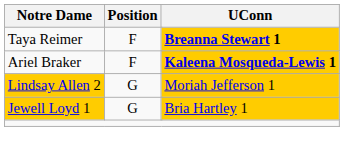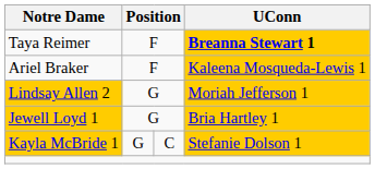 <table class="wikitable">
 <tr>
 <th>Notre Dame</th>
 <th colspan="2">Position</th>
 <th>UConn</th>
 </tr>
 <tr>
 <td>Taya Reimer</td>
 <td colspan=2 style="text-align:center">F</td>
 <td style="background:#ffcc00"><strong><a href='#'>Breanna Stewart</a> 1</strong></td>
 </tr>
 <tr>
 <td>Ariel Braker</td>
 <td colspan=2 style="text-align:center">F</td>
-<td style="background:#ffcc00"><strong><a href='#'>Kaleena Mosqueda-Lewis</a> 1</strong></td>
+<td style="background:#ffcc00"><a href='#'>Kaleena Mosqueda-Lewis</a> 1</td>
 </tr>
 <tr>
 <td style="background:#ffcc00"><a href='#'>Lindsay Allen</a> 2</td>
 <td colspan=2 style="text-align:center">G</td>
 <td style="background:#ffcc00"><a href='#'>Moriah Jefferson</a> 1</td>
 </tr>
 <tr>
 <td style="background:#ffcc00"><a href='#'>Jewell Loyd</a> 1</td>
 <td colspan=2 style="text-align:center">G</td>
 <td style="background:#ffcc00"><a href='#'>Bria Hartley</a> 1</td>
 </tr>
 <tr>
+<td style="background:#ffcc00"><a href='#'>Kayla McBride</a> 1</td>
+<td style="text-align:center">G</td>
+<td style="text-align:center">C</td>
+<td style="background:#ffcc00"><a href='#'>Stefanie Dolson</a> 1</td>
+</tr>
+<tr>
 <td style="text-align:center" colspan=4></td>
 </tr>
 </table>
